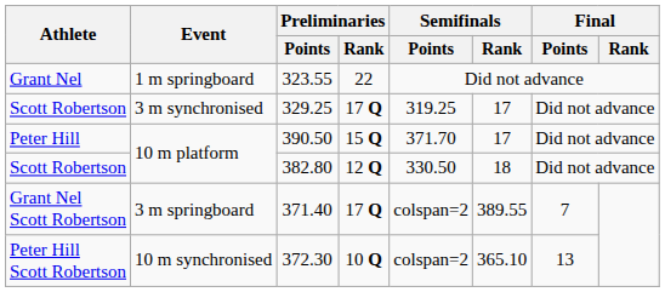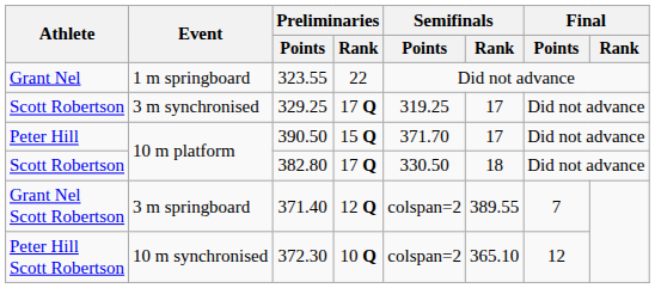 <table class="wikitable" style="text-align:center; font-size:90%">
 <tr>
 <th rowspan=2>Athlete</th>
 <th rowspan=2>Event</th>
 <th colspan=2>Preliminaries</th>
 <th colspan=2>Semifinals</th>
 <th colspan=2>Final</th>
 </tr>
 <tr style="font-size:95%">
 <th>Points</th>
 <th>Rank</th>
 <th>Points</th>
 <th>Rank</th>
 <th>Points</th>
 <th>Rank</th>
 </tr>
 <tr>
 <td align=left><a href='#'>Grant Nel</a></td>
 <td align=left>1 m springboard</td>
 <td>323.55</td>
 <td>22</td>
 <td colspan=4>Did not advance</td>
 </tr>
 <tr>
 <td align=left><a href='#'>Scott Robertson</a></td>
 <td align=left>3 m synchronised</td>
 <td>329.25</td>
 <td>17 <strong>Q</strong></td>
 <td>319.25</td>
 <td>17</td>
 <td colspan=2>Did not advance</td>
 </tr>
 <tr>
 <td align=left><a href='#'>Peter Hill</a></td>
 <td align=left rowspan=2>10 m platform</td>
 <td>390.50</td>
 <td>15 <strong>Q</strong></td>
 <td>371.70</td>
 <td>17</td>
 <td colspan=2>Did not advance</td>
 </tr>
 <tr>
 <td align=left><a href='#'>Scott Robertson</a></td>
 <td>382.80</td>
-<td>12 <strong>Q</strong></td>
+<td>17 <strong>Q</strong></td>
 <td>330.50</td>
 <td>18</td>
 <td colspan=2>Did not advance</td>
 </tr>
 <tr>
 <td align=left><a href='#'>Grant Nel</a><br><a href='#'>Scott Robertson</a></td>
 <td align=left>3 m springboard</td>
 <td>371.40</td>
-<td>17 <strong>Q</strong></td>
+<td>12 <strong>Q</strong></td>
 <td>colspan=2 </td>
 <td>389.55</td>
 <td>7</td>
 </tr>
 <tr>
 <td align=left><a href='#'>Peter Hill</a><br><a href='#'>Scott Robertson</a></td>
 <td align=left>10 m synchronised</td>
 <td>372.30</td>
 <td>10 <strong>Q</strong></td>
 <td>colspan=2 </td>
 <td>365.10</td>
-<td>13</td>
+<td>12</td>
 </tr>
 </table>
